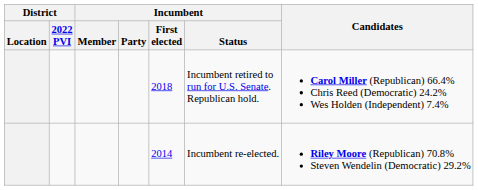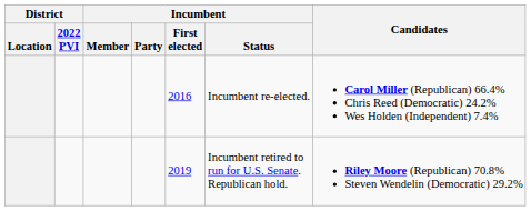 <table class="wikitable sortable">
 <tr>
 <th colspan=2>District</th>
 <th colspan=4>Incumbent</th>
 <th rowspan=2 class="unsortable">Candidates</th>
 </tr>
 <tr valign=bottom>
 <th>Location</th>
 <th><a href='#'>2022<br>PVI</a></th>
 <th>Member</th>
 <th>Party</th>
 <th>First<br>elected</th>
 <th>Status</th>
 </tr>
 <tr>
 <th></th>
 <td></td>
 <td></td>
 <td></td>
-<td><a href='#'>2018</a></td>
-<td>Incumbent retired to<br><a href='#'>run for U.S. Senate</a>.<br>Republican hold.</td>
+<td><a href='#'>2016</a></td>
+<td>Incumbent re-elected.</td>
 <td nowrap><br><ul><li> <strong><a href='#'>Carol Miller</a></strong> (Republican) 66.4%</li><li>Chris Reed (Democratic) 24.2%</li><li>Wes Holden (Independent) 7.4%</li></ul></td>
 </tr>
 <tr>
 <th></th>
 <td></td>
 <td></td>
 <td></td>
-<td><a href='#'>2014</a></td>
-<td>Incumbent re-elected.</td>
+<td><a href='#'>2019</a></td>
+<td>Incumbent retired to<br><a href='#'>run for U.S. Senate</a>.<br>Republican hold.</td>
 <td nowrap><br><ul><li> <strong><a href='#'>Riley Moore</a></strong> (Republican) 70.8%</li><li>Steven Wendelin (Democratic) 29.2%</li></ul></td>
 </tr>
 </table>
